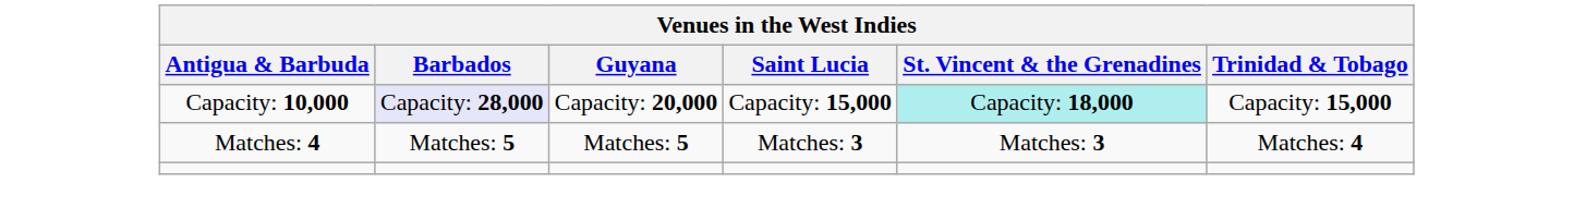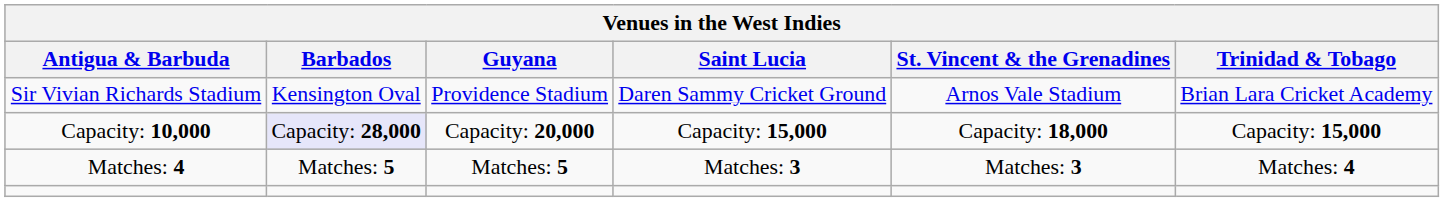 <table class="wikitable" style="text-align:center;margin:auto;font-size:90%;">
 <tr>
 <th colspan="6">Venues in the West Indies</th>
 </tr>
 <tr>
 <th><a href='#'>Antigua & Barbuda</a></th>
 <th><a href='#'>Barbados</a></th>
 <th><a href='#'>Guyana</a></th>
 <th><a href='#'>Saint Lucia</a></th>
 <th><a href='#'>St. Vincent & the Grenadines</a></th>
 <th><a href='#'>Trinidad & Tobago</a></th>
 </tr>
 <tr>
+<td><a href='#'>Sir Vivian Richards Stadium</a></td>
+<td><a href='#'>Kensington Oval</a></td>
+<td><a href='#'>Providence Stadium</a></td>
+<td><a href='#'>Daren Sammy Cricket Ground</a></td>
+<td><a href='#'>Arnos Vale Stadium</a></td>
+<td><a href='#'>Brian Lara Cricket Academy</a></td>
+</tr>
+<tr>
 <td>Capacity: <strong>10,000</strong></td>
 <td style="background: lavender;">Capacity: <strong>28,000</strong></td>
 <td>Capacity: <strong>20,000</strong></td>
 <td>Capacity: <strong>15,000</strong></td>
-<td style="background: paleturquoise;">Capacity: <strong>18,000</strong></td>
+<td>Capacity: <strong>18,000</strong></td>
 <td>Capacity: <strong>15,000</strong></td>
 </tr>
 <tr>
 <td>Matches: <strong>4</strong></td>
 <td>Matches: <strong>5</strong></td>
 <td>Matches: <strong>5</strong></td>
 <td>Matches: <strong>3</strong></td>
 <td>Matches: <strong>3</strong></td>
 <td>Matches: <strong>4</strong></td>
 </tr>
 <tr>
 <td></td>
 <td></td>
 <td></td>
 <td></td>
 <td></td>
 <td></td>
 </tr>
 </table>
